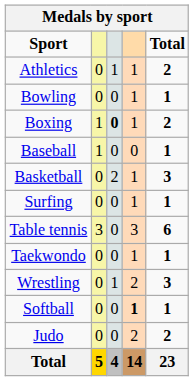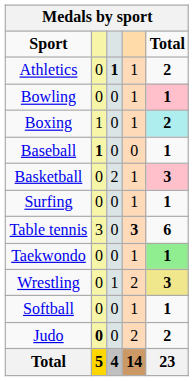 <table class=wikitable style="font-size:85%; float:right;text-align:center">
 <tr bgcolor=EFEFEF>
 <th colspan=7><strong>Medals by sport</strong></th>
 </tr>
 <tr>
 <td><strong>Sport</strong></td>
 <td bgcolor=F7F6A8></td>
 <td bgcolor=DCE5E5></td>
 <td bgcolor=FFDBA9></td>
 <td><strong>Total</strong></td>
 </tr>
 <tr>
 <td><a href='#'>Athletics</a></td>
 <td bgcolor=F7F6A8>0</td>
-<td bgcolor=DCE5E5>1</td>
+<td bgcolor=DCE5E5><strong>1</strong></td>
 <td bgcolor=FFDAB9>1</td>
 <td><strong>2</strong></td>
 </tr>
 <tr>
 <td><a href='#'>Bowling</a></td>
 <td bgcolor=F7F6A8>0</td>
 <td bgcolor=DCE5E5>0</td>
 <td bgcolor=FFDAB9>1</td>
-<td><strong>1</strong></td>
+<td style="background: pink;"><strong>1</strong></td>
 </tr>
 <tr>
 <td><a href='#'>Boxing</a></td>
 <td bgcolor=F7F6A8>1</td>
-<td bgcolor=DCE5E5><strong>0</strong></td>
+<td bgcolor=DCE5E5>0</td>
 <td bgcolor=FFDAB9>1</td>
-<td><strong>2</strong></td>
+<td style="background: paleturquoise;"><strong>2</strong></td>
 </tr>
 <tr>
 <td><a href='#'>Baseball</a></td>
-<td bgcolor=F7F6A8>1</td>
+<td bgcolor=F7F6A8><strong>1</strong></td>
 <td bgcolor=DCE5E5>0</td>
 <td bgcolor=FFDAB9>0</td>
 <td><strong>1</strong></td>
 </tr>
 <tr>
 <td><a href='#'>Basketball</a></td>
 <td bgcolor=F7F6A8>0</td>
 <td bgcolor=DCE5E5>2</td>
 <td bgcolor=FFDAB9>1</td>
-<td><strong>3</strong></td>
+<td style="background: pink;"><strong>3</strong></td>
 </tr>
 <tr>
 <td><a href='#'>Surfing</a></td>
 <td bgcolor=F7F6A8>0</td>
 <td bgcolor=DCE5E5>0</td>
 <td bgcolor=FFDAB9>1</td>
 <td><strong>1</strong></td>
 </tr>
 <tr>
 <td><a href='#'>Table tennis</a></td>
 <td bgcolor=F7F6A8>3</td>
 <td bgcolor=DCE5E5>0</td>
-<td bgcolor=FFDAB9>3</td>
+<td bgcolor=FFDAB9><strong>3</strong></td>
 <td><strong>6</strong></td>
 </tr>
 <tr>
 <td><a href='#'>Taekwondo</a></td>
 <td bgcolor=F7F6A8>0</td>
 <td bgcolor=DCE5E5>0</td>
 <td bgcolor=FFDAB9>1</td>
-<td><strong>1</strong></td>
+<td style="background: lightgreen;"><strong>1</strong></td>
 </tr>
 <tr>
 <td><a href='#'>Wrestling</a></td>
 <td bgcolor=F7F6A8>0</td>
 <td bgcolor=DCE5E5>1</td>
 <td bgcolor=FFDAB9>2</td>
-<td><strong>3</strong></td>
+<td style="background: khaki;"><strong>3</strong></td>
 </tr>
 <tr>
 <td><a href='#'>Softball</a></td>
 <td bgcolor=F7F6A8>0</td>
 <td bgcolor=DCE5E5>0</td>
-<td bgcolor=FFDAB9><strong>1</strong></td>
+<td bgcolor=FFDAB9>1</td>
 <td><strong>1</strong></td>
 </tr>
 <tr>
 <td><a href='#'>Judo</a></td>
-<td bgcolor=F7F6A8>0</td>
+<td bgcolor=F7F6A8><strong>0</strong></td>
 <td bgcolor=DCE5E5>0</td>
 <td bgcolor=FFDAB9>2</td>
 <td><strong>2</strong></td>
 </tr>
 <tr>
 <th><strong>Total</strong></th>
 <th style=background:gold><strong>5</strong></th>
 <th style=background:silver><strong>4</strong></th>
 <th style=background:#C96><strong>14</strong></th>
 <th><strong>23</strong></th>
 </tr>
 </table>
